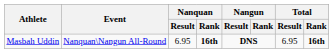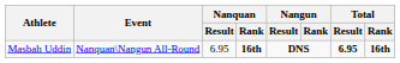 <table class=wikitable style="font-size:90%">
 <tr>
 <th rowspan="2">Athlete</th>
 <th rowspan="2">Event</th>
 <th colspan="2">Nanquan</th>
 <th colspan="2">Nangun</th>
 <th colspan="2">Total</th>
 </tr>
 <tr>
 <th>Result</th>
 <th>Rank</th>
 <th>Result</th>
 <th>Rank</th>
 <th>Result</th>
 <th>Rank</th>
 </tr>
 <tr>
 <td><a href='#'>Masbah Uddin</a></td>
 <td><a href='#'>Nanquan\Nangun All-Round</a></td>
 <td align=center>6.95</td>
 <td align=center><strong>16th</strong></td>
 <td align=center colspan=2><strong>DNS</strong></td>
-<td align=center>6.95</td>
+<td align=center><strong>6.95</strong></td>
 <td align=center><strong>16th</strong></td>
 </tr>
 </table>
